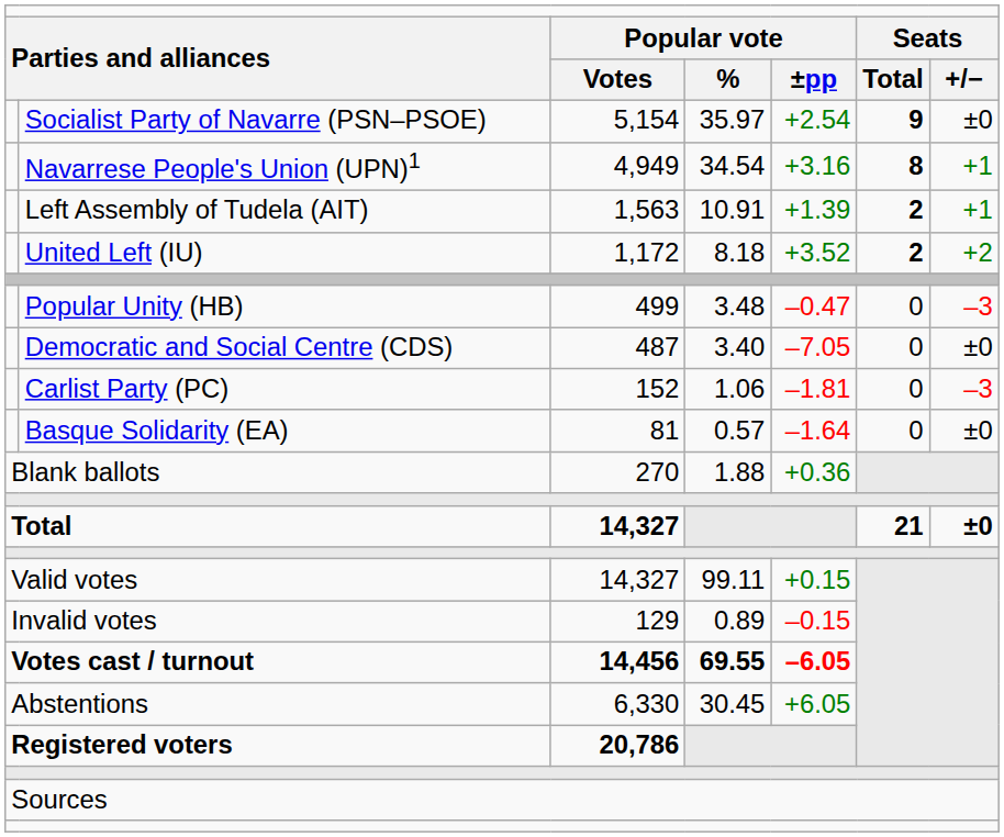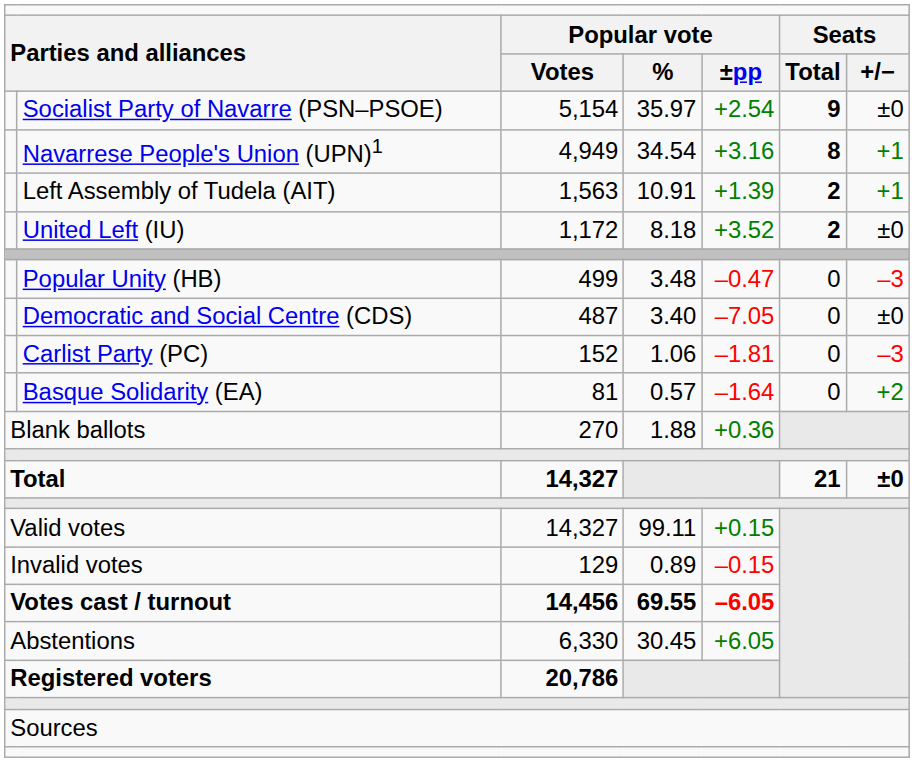 <table class="wikitable" style="text-align:right;">
 <tr>
 <td colspan="7"></td>
 </tr>
 <tr>
 <th style="text-align:left;" rowspan="2" colspan="2" width="525">Parties and alliances</th>
 <th colspan="3">Popular vote</th>
 <th colspan="2">Seats</th>
 </tr>
 <tr>
 <th width="75">Votes</th>
 <th width="45">%</th>
 <th width="45">±<a href='#'>pp</a></th>
 <th width="35">Total</th>
 <th width="35">+/−</th>
 </tr>
 <tr>
 <td width="1" style="color:inherit;background:"></td>
 <td align="left"><a href='#'>Socialist Party of Navarre</a> (PSN–PSOE)</td>
 <td>5,154</td>
 <td>35.97</td>
 <td style="color:green;">+2.54</td>
 <td><strong>9</strong></td>
 <td>±0</td>
 </tr>
 <tr>
 <td style="color:inherit;background:"></td>
 <td align="left"><a href='#'>Navarrese People's Union</a> (UPN)<sup>1</sup></td>
 <td>4,949</td>
 <td>34.54</td>
 <td style="color:green;">+3.16</td>
 <td><strong>8</strong></td>
 <td style="color:green;">+1</td>
 </tr>
 <tr>
 <td style="color:inherit;background:"></td>
 <td align="left">Left Assembly of Tudela (AIT)</td>
 <td>1,563</td>
 <td>10.91</td>
 <td style="color:green;">+1.39</td>
 <td><strong>2</strong></td>
 <td style="color:green;">+1</td>
 </tr>
 <tr>
 <td style="color:inherit;background:"></td>
 <td align="left"><a href='#'>United Left</a> (IU)</td>
 <td>1,172</td>
 <td>8.18</td>
 <td style="color:green;">+3.52</td>
 <td><strong>2</strong></td>
-<td style="color:green;">+2</td>
+<td>±0</td>
 </tr>
 <tr>
 <td colspan="7" bgcolor="#C0C0C0"></td>
 </tr>
 <tr>
 <td style="color:inherit;background:"></td>
 <td align="left"><a href='#'>Popular Unity</a> (HB)</td>
 <td>499</td>
 <td>3.48</td>
 <td style="color:red;">–0.47</td>
 <td>0</td>
 <td style="color:red;">–3</td>
 </tr>
 <tr>
 <td style="color:inherit;background:"></td>
 <td align="left"><a href='#'>Democratic and Social Centre</a> (CDS)</td>
 <td>487</td>
 <td>3.40</td>
 <td style="color:red;">–7.05</td>
 <td>0</td>
 <td>±0</td>
 </tr>
 <tr>
 <td style="color:inherit;background:"></td>
 <td align="left"><a href='#'>Carlist Party</a> (PC)</td>
 <td>152</td>
 <td>1.06</td>
 <td style="color:red;">–1.81</td>
 <td>0</td>
 <td style="color:red;">–3</td>
 </tr>
 <tr>
 <td style="color:inherit;background:"></td>
 <td align="left"><a href='#'>Basque Solidarity</a> (EA)</td>
 <td>81</td>
 <td>0.57</td>
 <td style="color:red;">–1.64</td>
 <td>0</td>
-<td>±0</td>
+<td style="color:green;">+2</td>
 </tr>
 <tr>
 <td align="left" colspan="2">Blank ballots</td>
 <td>270</td>
 <td>1.88</td>
 <td style="color:green;">+0.36</td>
 <td bgcolor="#E9E9E9" colspan="2"></td>
 </tr>
 <tr>
 <td colspan="7" bgcolor="#E9E9E9"></td>
 </tr>
 <tr style="font-weight:bold;">
 <td align="left" colspan="2">Total</td>
 <td>14,327</td>
 <td bgcolor="#E9E9E9" colspan="2"></td>
 <td>21</td>
 <td>±0</td>
 </tr>
 <tr>
 <td colspan="7" bgcolor="#E9E9E9"></td>
 </tr>
 <tr>
 <td align="left" colspan="2">Valid votes</td>
 <td>14,327</td>
 <td>99.11</td>
 <td style="color:green;">+0.15</td>
 <td bgcolor="#E9E9E9" colspan="2" rowspan="5"></td>
 </tr>
 <tr>
 <td align="left" colspan="2">Invalid votes</td>
 <td>129</td>
 <td>0.89</td>
 <td style="color:red;">–0.15</td>
 </tr>
 <tr style="font-weight:bold;">
 <td align="left" colspan="2">Votes cast / turnout</td>
 <td>14,456</td>
 <td>69.55</td>
 <td style="color:red;">–6.05</td>
 </tr>
 <tr>
 <td align="left" colspan="2">Abstentions</td>
 <td>6,330</td>
 <td>30.45</td>
 <td style="color:green;">+6.05</td>
 </tr>
 <tr style="font-weight:bold;">
 <td align="left" colspan="2">Registered voters</td>
 <td>20,786</td>
 <td bgcolor="#E9E9E9" colspan="2"></td>
 </tr>
 <tr>
 <td colspan="7" bgcolor="#E9E9E9"></td>
 </tr>
 <tr>
 <td align="left" colspan="7">Sources</td>
 </tr>
 <tr>
 <td colspan="7" style="text-align:left; max-width:790px;"></td>
 </tr>
 </table>
